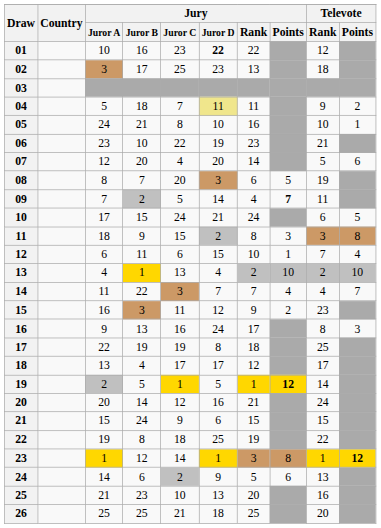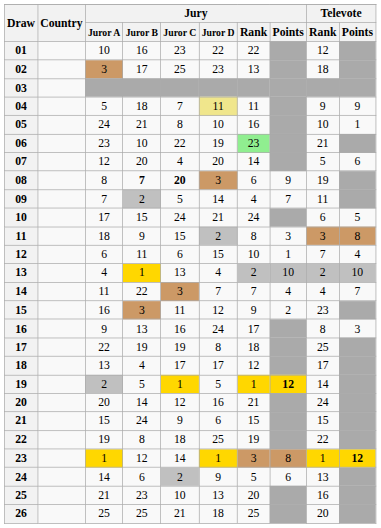 <table class="sortable wikitable collapsible plainrowheaders" style="text-align:center;">
 <tr>
 </tr>
 <tr>
 <th scope="col" rowspan="2">Draw</th>
 <th scope="col" rowspan="2">Country</th>
 <th scope="col" colspan="6">Jury</th>
 <th scope="col" colspan="2">Televote</th>
 </tr>
 <tr>
 <th scope="col"><small>Juror A</small></th>
 <th scope="col"><small>Juror B</small></th>
 <th scope="col"><small>Juror C</small></th>
 <th scope="col"><small>Juror D</small></th>
 <th scope="col">Rank</th>
 <th scope="col" class="unsortable">Points</th>
 <th scope="col">Rank</th>
 <th scope="col" class="unsortable">Points</th>
 </tr>
 <tr>
 <th scope="row" style="text-align:center;">01</th>
 <td style="text-align:left;"></td>
 <td>10</td>
 <td>16</td>
 <td>23</td>
-<td><strong>22</strong></td>
+<td>22</td>
 <td>22</td>
 <td style="background:#AAAAAA;"></td>
 <td>12</td>
 <td style="background:#AAAAAA;"></td>
 </tr>
 <tr>
 <th scope="row" style="text-align:center;">02</th>
 <td style="text-align:left;"></td>
 <td style="background:#CC9966;">3</td>
 <td>17</td>
 <td>25</td>
 <td>23</td>
 <td>13</td>
 <td style="background:#AAAAAA;"></td>
 <td>18</td>
 <td style="background:#AAAAAA;"></td>
 </tr>
 <tr class=sortbottom>
 <th scope="row" style="text-align:center;">03</th>
 <td style="text-align:left;"></td>
 <td style="background:#AAAAAA;"></td>
 <td style="background:#AAAAAA;"></td>
 <td style="background:#AAAAAA;"></td>
 <td style="background:#AAAAAA;"></td>
 <td style="background:#AAAAAA;"></td>
 <td style="background:#AAAAAA;"></td>
 <td style="background:#AAAAAA;"></td>
 <td style="background:#AAAAAA;"></td>
 </tr>
 <tr>
 <th scope="row" style="text-align:center;">04</th>
 <td style="text-align:left;"></td>
 <td>5</td>
 <td>18</td>
 <td>7</td>
 <td style="background: khaki;">11</td>
 <td>11</td>
 <td style="background:#AAAAAA;"></td>
 <td>9</td>
-<td>2</td>
+<td>9</td>
 </tr>
 <tr>
 <th scope="row" style="text-align:center;">05</th>
 <td style="text-align:left;"></td>
 <td>24</td>
 <td>21</td>
 <td>8</td>
 <td>10</td>
 <td>16</td>
 <td style="background:#AAAAAA;"></td>
 <td>10</td>
 <td>1</td>
 </tr>
 <tr>
 <th scope="row" style="text-align:center;">06</th>
 <td style="text-align:left;"></td>
 <td>23</td>
 <td>10</td>
 <td>22</td>
 <td>19</td>
-<td>23</td>
+<td style="background: lightgreen;">23</td>
 <td style="background:#AAAAAA;"></td>
 <td>21</td>
 <td style="background:#AAAAAA;"></td>
 </tr>
 <tr>
 <th scope="row" style="text-align:center;">07</th>
 <td style="text-align:left;"></td>
 <td>12</td>
 <td>20</td>
 <td>4</td>
 <td>20</td>
 <td>14</td>
 <td style="background:#AAAAAA;"></td>
 <td>5</td>
 <td>6</td>
 </tr>
 <tr>
 <th scope="row" style="text-align:center;">08</th>
 <td style="text-align:left;"></td>
 <td>8</td>
-<td>7</td>
-<td>20</td>
+<td><strong>7</strong></td>
+<td><strong>20</strong></td>
 <td style="background:#CC9966;">3</td>
 <td>6</td>
-<td>5</td>
+<td>9</td>
 <td>19</td>
 <td style="background:#AAAAAA;"></td>
 </tr>
 <tr>
 <th scope="row" style="text-align:center;">09</th>
 <td style="text-align:left;"></td>
 <td>7</td>
 <td style="background:silver;">2</td>
 <td>5</td>
 <td>14</td>
 <td>4</td>
-<td><strong>7</strong></td>
+<td>7</td>
 <td>11</td>
 <td style="background:#AAAAAA;"></td>
 </tr>
 <tr>
 <th scope="row" style="text-align:center;">10</th>
 <td style="text-align:left;"></td>
 <td>17</td>
 <td>15</td>
 <td>24</td>
 <td>21</td>
 <td>24</td>
 <td style="background:#AAAAAA;"></td>
 <td>6</td>
 <td>5</td>
 </tr>
 <tr>
 <th scope="row" style="text-align:center;">11</th>
 <td style="text-align:left;"></td>
 <td>18</td>
 <td>9</td>
 <td>15</td>
 <td style="background:silver;">2</td>
 <td>8</td>
 <td>3</td>
 <td style="background:#CC9966;">3</td>
 <td style="background:#CC9966;">8</td>
 </tr>
 <tr>
 <th scope="row" style="text-align:center;">12</th>
 <td style="text-align:left;"></td>
 <td>6</td>
 <td>11</td>
 <td>6</td>
 <td>15</td>
 <td>10</td>
 <td>1</td>
 <td>7</td>
 <td>4</td>
 </tr>
 <tr>
 <th scope="row" style="text-align:center;">13</th>
 <td style="text-align:left;"></td>
 <td>4</td>
 <td style="background:gold;">1</td>
 <td>13</td>
 <td>4</td>
 <td style="background:silver;">2</td>
 <td style="background:silver;">10</td>
 <td style="background:silver;">2</td>
 <td style="background:silver;">10</td>
 </tr>
 <tr>
 <th scope="row" style="text-align:center;">14</th>
 <td style="text-align:left;"></td>
 <td>11</td>
 <td>22</td>
 <td style="background:#CC9966;">3</td>
 <td>7</td>
 <td>7</td>
 <td>4</td>
 <td>4</td>
 <td>7</td>
 </tr>
 <tr>
 <th scope="row" style="text-align:center;">15</th>
 <td style="text-align:left;"></td>
 <td>16</td>
 <td style="background:#CC9966;">3</td>
 <td>11</td>
 <td>12</td>
 <td>9</td>
 <td>2</td>
 <td>23</td>
 <td style="background:#AAAAAA;"></td>
 </tr>
 <tr>
 <th scope="row" style="text-align:center;">16</th>
 <td style="text-align:left;"></td>
 <td>9</td>
 <td>13</td>
 <td>16</td>
 <td>24</td>
 <td>17</td>
 <td style="background:#AAAAAA;"></td>
 <td>8</td>
 <td>3</td>
 </tr>
 <tr>
 <th scope="row" style="text-align:center;">17</th>
 <td style="text-align:left;"></td>
 <td>22</td>
 <td>19</td>
 <td>19</td>
 <td>8</td>
 <td>18</td>
 <td style="background:#AAAAAA;"></td>
 <td>25</td>
 <td style="background:#AAAAAA;"></td>
 </tr>
 <tr>
 <th scope="row" style="text-align:center;">18</th>
 <td style="text-align:left;"></td>
 <td>13</td>
 <td>4</td>
 <td>17</td>
 <td>17</td>
 <td>12</td>
 <td style="background:#AAAAAA;"></td>
 <td>17</td>
 <td style="background:#AAAAAA;"></td>
 </tr>
 <tr>
 <th scope="row" style="text-align:center;">19</th>
 <td style="text-align:left;"></td>
 <td style="background:silver;">2</td>
 <td>5</td>
 <td style="background:gold;">1</td>
 <td>5</td>
 <td style="background:gold;">1</td>
 <td style="background:gold;"><strong>12</strong></td>
 <td>14</td>
 <td style="background:#AAAAAA;"></td>
 </tr>
 <tr>
 <th scope="row" style="text-align:center;">20</th>
 <td style="text-align:left;"></td>
 <td>20</td>
 <td>14</td>
 <td>12</td>
 <td>16</td>
 <td>21</td>
 <td style="background:#AAAAAA;"></td>
 <td>24</td>
 <td style="background:#AAAAAA;"></td>
 </tr>
 <tr>
 <th scope="row" style="text-align:center;">21</th>
 <td style="text-align:left;"></td>
 <td>15</td>
 <td>24</td>
 <td>9</td>
 <td>6</td>
 <td>15</td>
 <td style="background:#AAAAAA;"></td>
 <td>15</td>
 <td style="background:#AAAAAA;"></td>
 </tr>
 <tr>
 <th scope="row" style="text-align:center;">22</th>
 <td style="text-align:left;"></td>
 <td>19</td>
 <td>8</td>
 <td>18</td>
 <td>25</td>
 <td>19</td>
 <td style="background:#AAAAAA;"></td>
 <td>22</td>
 <td style="background:#AAAAAA;"></td>
 </tr>
 <tr>
 <th scope="row" style="text-align:center;">23</th>
 <td style="text-align:left;"></td>
 <td style="background:gold;">1</td>
 <td>12</td>
 <td>14</td>
 <td style="background:gold;">1</td>
 <td style="background:#CC9966;">3</td>
 <td style="background:#CC9966;">8</td>
 <td style="background:gold;">1</td>
 <td style="background:gold;"><strong>12</strong></td>
 </tr>
 <tr>
 <th scope="row" style="text-align:center;">24</th>
 <td style="text-align:left;"></td>
 <td>14</td>
 <td>6</td>
 <td style="background:silver;">2</td>
 <td>9</td>
 <td>5</td>
 <td>6</td>
 <td>13</td>
 <td style="background:#AAAAAA;"></td>
 </tr>
 <tr>
 <th scope="row" style="text-align:center;">25</th>
 <td style="text-align:left;"></td>
 <td>21</td>
 <td>23</td>
 <td>10</td>
 <td>13</td>
 <td>20</td>
 <td style="background:#AAAAAA;"></td>
 <td>16</td>
 <td style="background:#AAAAAA;"></td>
 </tr>
 <tr>
 <th scope="row" style="text-align:center;">26</th>
 <td style="text-align:left;"></td>
 <td>25</td>
 <td>25</td>
 <td>21</td>
 <td>18</td>
 <td>25</td>
 <td style="background:#AAAAAA;"></td>
 <td>20</td>
 <td style="background:#AAAAAA;"></td>
 </tr>
 </table>
